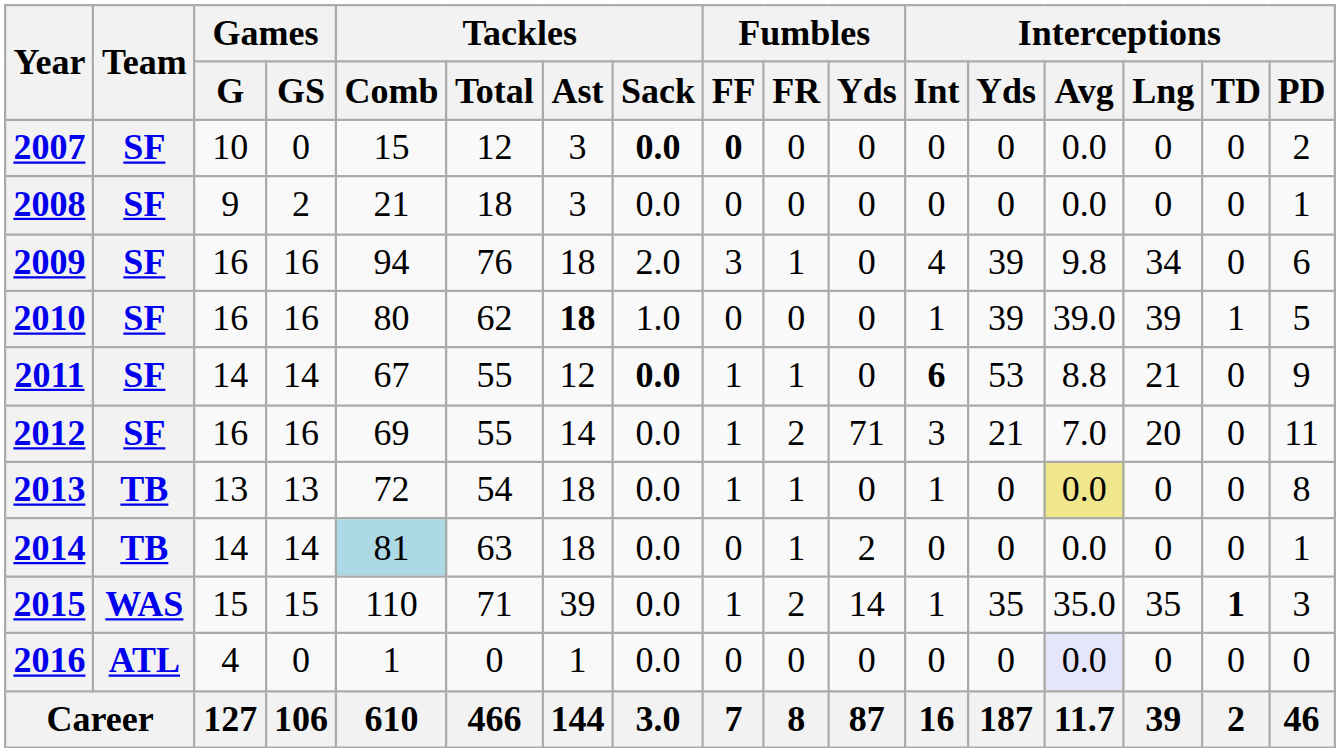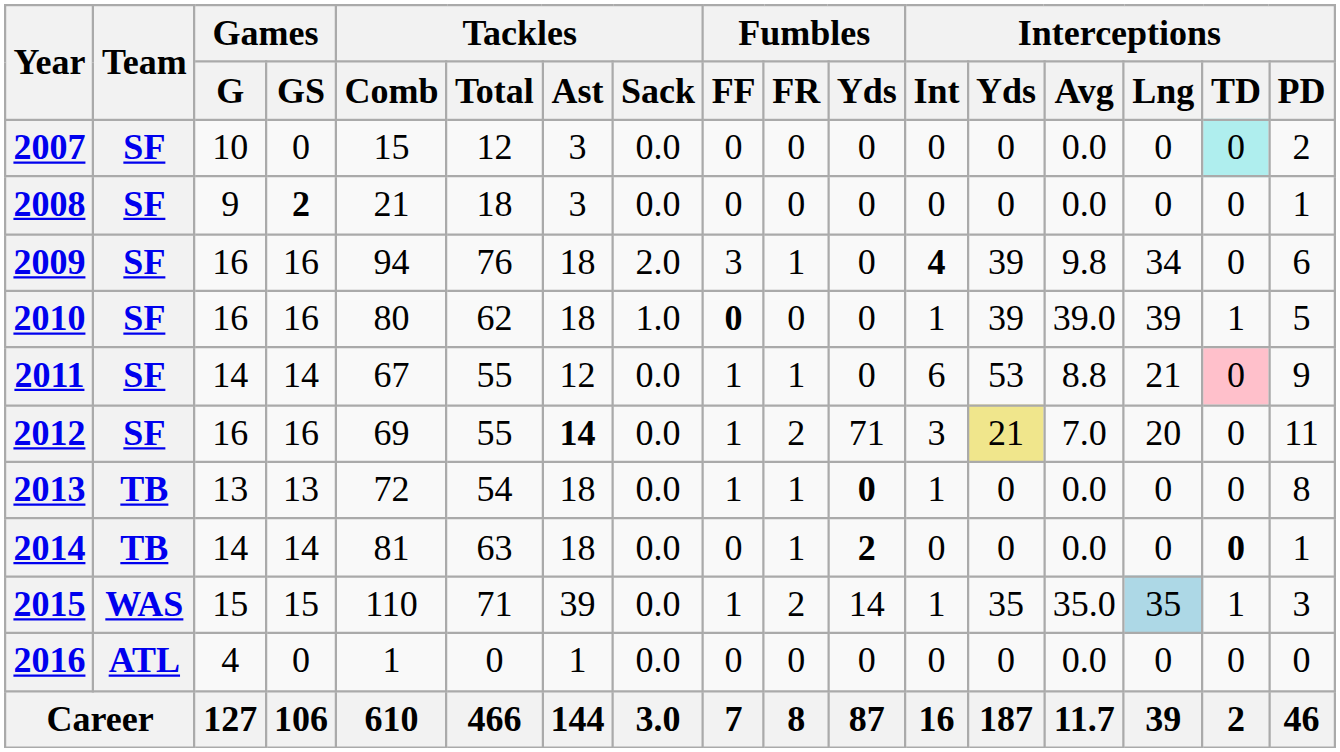 <table class=wikitable style="text-align:center;">
 <tr>
 <th rowspan="2">Year</th>
 <th rowspan="2">Team</th>
 <th colspan="2">Games</th>
 <th colspan="4">Tackles</th>
 <th colspan="3">Fumbles</th>
 <th colspan="6">Interceptions</th>
 </tr>
 <tr>
 <th>G</th>
 <th>GS</th>
 <th>Comb</th>
 <th>Total</th>
 <th>Ast</th>
 <th>Sack</th>
 <th>FF</th>
 <th>FR</th>
 <th>Yds</th>
 <th>Int</th>
 <th>Yds</th>
 <th>Avg</th>
 <th>Lng</th>
 <th>TD</th>
 <th>PD</th>
 </tr>
 <tr>
 <th><a href='#'>2007</a></th>
 <th><a href='#'>SF</a></th>
 <td>10</td>
 <td>0</td>
 <td>15</td>
 <td>12</td>
 <td>3</td>
-<td><strong>0.0</strong></td>
-<td><strong>0</strong></td>
+<td>0.0</td>
+<td>0</td>
 <td>0</td>
 <td>0</td>
 <td>0</td>
 <td>0</td>
 <td>0.0</td>
 <td>0</td>
-<td>0</td>
+<td style="background: paleturquoise;">0</td>
 <td>2</td>
 </tr>
 <tr>
 <th><a href='#'>2008</a></th>
 <th><a href='#'>SF</a></th>
 <td>9</td>
-<td>2</td>
+<td><strong>2</strong></td>
 <td>21</td>
 <td>18</td>
 <td>3</td>
 <td>0.0</td>
 <td>0</td>
 <td>0</td>
 <td>0</td>
 <td>0</td>
 <td>0</td>
 <td>0.0</td>
 <td>0</td>
 <td>0</td>
 <td>1</td>
 </tr>
 <tr>
 <th><a href='#'>2009</a></th>
 <th><a href='#'>SF</a></th>
 <td>16</td>
 <td>16</td>
 <td>94</td>
 <td>76</td>
 <td>18</td>
 <td>2.0</td>
 <td>3</td>
 <td>1</td>
 <td>0</td>
-<td>4</td>
+<td><strong>4</strong></td>
 <td>39</td>
 <td>9.8</td>
 <td>34</td>
 <td>0</td>
 <td>6</td>
 </tr>
 <tr>
 <th><a href='#'>2010</a></th>
 <th><a href='#'>SF</a></th>
 <td>16</td>
 <td>16</td>
 <td>80</td>
 <td>62</td>
-<td><strong>18</strong></td>
+<td>18</td>
 <td>1.0</td>
-<td>0</td>
+<td><strong>0</strong></td>
 <td>0</td>
 <td>0</td>
 <td>1</td>
 <td>39</td>
 <td>39.0</td>
 <td>39</td>
 <td>1</td>
 <td>5</td>
 </tr>
 <tr>
 <th><a href='#'>2011</a></th>
 <th><a href='#'>SF</a></th>
 <td>14</td>
 <td>14</td>
 <td>67</td>
 <td>55</td>
 <td>12</td>
-<td><strong>0.0</strong></td>
+<td>0.0</td>
 <td>1</td>
 <td>1</td>
 <td>0</td>
-<td><strong>6</strong></td>
+<td>6</td>
 <td>53</td>
 <td>8.8</td>
 <td>21</td>
-<td>0</td>
+<td style="background: pink;">0</td>
 <td>9</td>
 </tr>
 <tr>
 <th><a href='#'>2012</a></th>
 <th><a href='#'>SF</a></th>
 <td>16</td>
 <td>16</td>
 <td>69</td>
 <td>55</td>
-<td>14</td>
+<td><strong>14</strong></td>
 <td>0.0</td>
 <td>1</td>
 <td>2</td>
 <td>71</td>
 <td>3</td>
-<td>21</td>
+<td style="background: khaki;">21</td>
 <td>7.0</td>
 <td>20</td>
 <td>0</td>
 <td>11</td>
 </tr>
 <tr>
 <th><a href='#'>2013</a></th>
 <th><a href='#'>TB</a></th>
 <td>13</td>
 <td>13</td>
 <td>72</td>
 <td>54</td>
 <td>18</td>
 <td>0.0</td>
 <td>1</td>
 <td>1</td>
-<td>0</td>
+<td><strong>0</strong></td>
 <td>1</td>
 <td>0</td>
-<td style="background: khaki;">0.0</td>
+<td>0.0</td>
 <td>0</td>
 <td>0</td>
 <td>8</td>
 </tr>
 <tr>
 <th><a href='#'>2014</a></th>
 <th><a href='#'>TB</a></th>
 <td>14</td>
 <td>14</td>
-<td style="background: lightblue;">81</td>
+<td>81</td>
 <td>63</td>
 <td>18</td>
 <td>0.0</td>
 <td>0</td>
 <td>1</td>
-<td>2</td>
+<td><strong>2</strong></td>
 <td>0</td>
 <td>0</td>
 <td>0.0</td>
 <td>0</td>
-<td>0</td>
+<td><strong>0</strong></td>
 <td>1</td>
 </tr>
 <tr>
 <th><a href='#'>2015</a></th>
 <th><a href='#'>WAS</a></th>
 <td>15</td>
 <td>15</td>
 <td>110</td>
 <td>71</td>
 <td>39</td>
 <td>0.0</td>
 <td>1</td>
 <td>2</td>
 <td>14</td>
 <td>1</td>
 <td>35</td>
 <td>35.0</td>
-<td>35</td>
-<td><strong>1</strong></td>
+<td style="background: lightblue;">35</td>
+<td>1</td>
 <td>3</td>
 </tr>
 <tr>
 <th><a href='#'>2016</a></th>
 <th><a href='#'>ATL</a></th>
 <td>4</td>
 <td>0</td>
 <td>1</td>
 <td>0</td>
 <td>1</td>
 <td>0.0</td>
 <td>0</td>
 <td>0</td>
 <td>0</td>
 <td>0</td>
 <td>0</td>
-<td style="background: lavender;">0.0</td>
+<td>0.0</td>
 <td>0</td>
 <td>0</td>
 <td>0</td>
 </tr>
 <tr class="sortbottom">
 <th colspan=2>Career</th>
 <th>127</th>
 <th>106</th>
 <th>610</th>
 <th>466</th>
 <th>144</th>
 <th>3.0</th>
 <th>7</th>
 <th>8</th>
 <th>87</th>
 <th>16</th>
 <th>187</th>
 <th>11.7</th>
 <th>39</th>
 <th>2</th>
 <th>46</th>
 </tr>
 </table>
